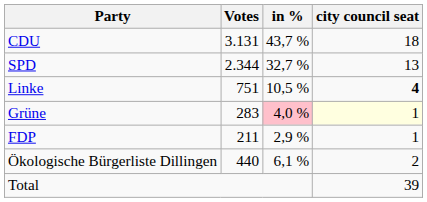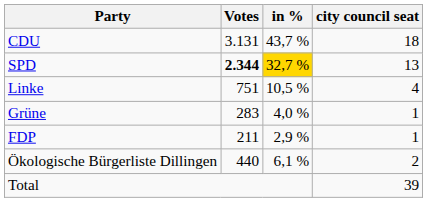 <table class="wikitable sortable">
 <tr class="hintergrundfarbe5">
 <th>Party</th>
 <th>Votes</th>
 <th>in %</th>
 <th>city council seat</th>
 </tr>
 <tr>
 <td><a href='#'>CDU</a></td>
 <td style="text-align:right">3.131</td>
 <td style="text-align:right">43,7 %</td>
 <td style="text-align:right">18</td>
 </tr>
 <tr>
 <td><a href='#'>SPD</a></td>
-<td style="text-align:right">2.344</td>
-<td style="text-align:right">32,7 %</td>
+<td style="text-align:right"><strong>2.344</strong></td>
+<td style="background: gold; text-align:right">32,7 %</td>
 <td style="text-align:right">13</td>
 </tr>
 <tr>
 <td><a href='#'>Linke</a></td>
 <td style="text-align:right">751</td>
 <td style="text-align:right">10,5 %</td>
-<td style="text-align:right"><strong>4</strong></td>
+<td style="text-align:right">4</td>
 </tr>
 <tr>
 <td><a href='#'>Grüne</a></td>
 <td style="text-align:right">283</td>
-<td style="background: pink; text-align:right">4,0 %</td>
-<td style="background: lightyellow; text-align:right">1</td>
+<td style="text-align:right">4,0 %</td>
+<td style="text-align:right">1</td>
 </tr>
 <tr>
 <td><a href='#'>FDP</a></td>
 <td style="text-align:right">211</td>
 <td style="text-align:right">2,9 %</td>
 <td style="text-align:right">1</td>
 </tr>
 <tr>
 <td>Ökologische Bürgerliste Dillingen</td>
 <td style="text-align:right">440</td>
 <td style="text-align:right">6,1 %</td>
 <td style="text-align:right">2</td>
 </tr>
 <tr>
 <td colspan="3">Total</td>
 <td align=right>39</td>
 </tr>
 </table>
